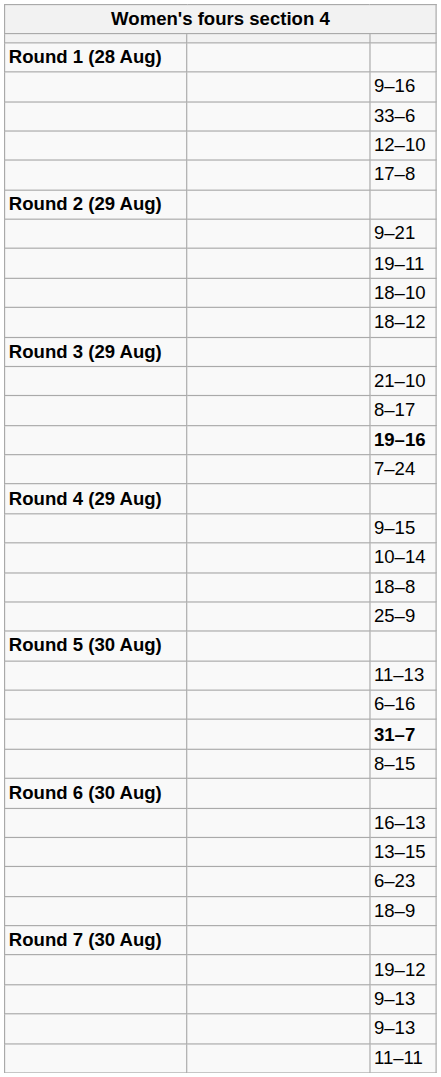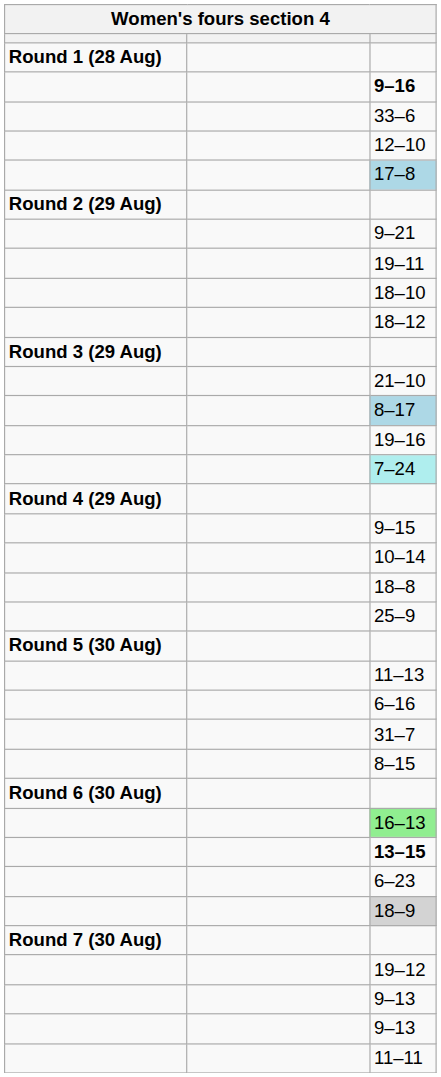 <table class="wikitable">
 <tr>
 <th colspan="3">Women's fours section 4</th>
 </tr>
 <tr>
 <th width=150></th>
 <th width=150></th>
 <th width=50></th>
 </tr>
 <tr>
 <td><strong>Round 1 (28 Aug)</strong></td>
 <td></td>
 <td></td>
 </tr>
 <tr>
 <td></td>
 <td></td>
-<td>9–16</td>
+<td><strong>9–16</strong></td>
 </tr>
 <tr>
 <td></td>
 <td></td>
 <td>33–6</td>
 </tr>
 <tr>
 <td></td>
 <td></td>
 <td>12–10</td>
 </tr>
 <tr>
 <td></td>
 <td></td>
-<td>17–8</td>
+<td style="background: lightblue;">17–8</td>
 </tr>
 <tr>
 <td><strong>Round 2 (29 Aug)</strong></td>
 <td></td>
 <td></td>
 </tr>
 <tr>
 <td></td>
 <td></td>
 <td>9–21</td>
 </tr>
 <tr>
 <td></td>
 <td></td>
 <td>19–11</td>
 </tr>
 <tr>
 <td></td>
 <td></td>
 <td>18–10</td>
 </tr>
 <tr>
 <td></td>
 <td></td>
 <td>18–12</td>
 </tr>
 <tr>
 <td><strong>Round 3 (29 Aug)</strong></td>
 <td></td>
 <td></td>
 </tr>
 <tr>
 <td></td>
 <td></td>
 <td>21–10</td>
 </tr>
 <tr>
 <td></td>
 <td></td>
-<td>8–17</td>
+<td style="background: lightblue;">8–17</td>
 </tr>
 <tr>
 <td></td>
 <td></td>
-<td><strong>19–16</strong></td>
+<td>19–16</td>
 </tr>
 <tr>
 <td></td>
 <td></td>
-<td>7–24</td>
+<td style="background: paleturquoise;">7–24</td>
 </tr>
 <tr>
 <td><strong>Round 4 (29 Aug)</strong></td>
 <td></td>
 <td></td>
 </tr>
 <tr>
 <td></td>
 <td></td>
 <td>9–15</td>
 </tr>
 <tr>
 <td></td>
 <td></td>
 <td>10–14</td>
 </tr>
 <tr>
 <td></td>
 <td></td>
 <td>18–8</td>
 </tr>
 <tr>
 <td></td>
 <td></td>
 <td>25–9</td>
 </tr>
 <tr>
 <td><strong>Round 5 (30 Aug)</strong></td>
 <td></td>
 <td></td>
 </tr>
 <tr>
 <td></td>
 <td></td>
 <td>11–13</td>
 </tr>
 <tr>
 <td></td>
 <td></td>
 <td>6–16</td>
 </tr>
 <tr>
 <td></td>
 <td></td>
-<td><strong>31–7</strong></td>
+<td>31–7</td>
 </tr>
 <tr>
 <td></td>
 <td></td>
 <td>8–15</td>
 </tr>
 <tr>
 <td><strong>Round 6  (30 Aug)</strong></td>
 <td></td>
 <td></td>
 </tr>
 <tr>
 <td></td>
 <td></td>
-<td>16–13</td>
+<td style="background: lightgreen;">16–13</td>
 </tr>
 <tr>
 <td></td>
 <td></td>
-<td>13–15</td>
+<td><strong>13–15</strong></td>
 </tr>
 <tr>
 <td></td>
 <td></td>
 <td>6–23</td>
 </tr>
 <tr>
 <td></td>
 <td></td>
-<td>18–9</td>
+<td style="background: lightgrey;">18–9</td>
 </tr>
 <tr>
 <td><strong>Round 7 (30 Aug)</strong></td>
 <td></td>
 <td></td>
 </tr>
 <tr>
 <td></td>
 <td></td>
 <td>19–12</td>
 </tr>
 <tr>
 <td></td>
 <td></td>
 <td>9–13</td>
 </tr>
 <tr>
 <td></td>
 <td></td>
 <td>9–13</td>
 </tr>
 <tr>
 <td></td>
 <td></td>
 <td>11–11</td>
 </tr>
 </table>
